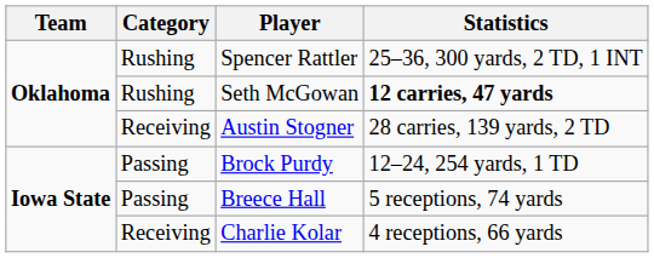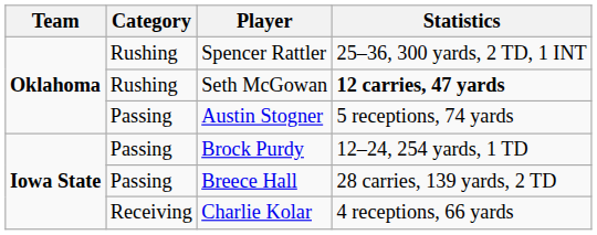 <table class="wikitable" style="float: right;">
 <tr>
 <th>Team</th>
 <th>Category</th>
 <th>Player</th>
 <th>Statistics</th>
 </tr>
 <tr>
 <td rowspan=3><strong>Oklahoma</strong></td>
 <td>Rushing</td>
 <td>Spencer Rattler</td>
 <td>25–36, 300 yards, 2 TD, 1 INT</td>
 </tr>
 <tr>
 <td>Rushing</td>
 <td>Seth McGowan</td>
 <td><strong>12 carries, 47 yards</strong></td>
 </tr>
 <tr>
-<td>Receiving</td>
+<td>Passing</td>
 <td><a href='#'>Austin Stogner</a></td>
-<td>28 carries, 139 yards, 2 TD</td>
+<td>5 receptions, 74 yards</td>
 </tr>
 <tr>
 <td rowspan=3><strong>Iowa State</strong></td>
 <td>Passing</td>
 <td><a href='#'>Brock Purdy</a></td>
 <td>12–24, 254 yards, 1 TD</td>
 </tr>
 <tr>
 <td>Passing</td>
 <td><a href='#'>Breece Hall</a></td>
-<td>5 receptions, 74 yards</td>
+<td>28 carries, 139 yards, 2 TD</td>
 </tr>
 <tr>
 <td>Receiving</td>
 <td><a href='#'>Charlie Kolar</a></td>
 <td>4 receptions, 66 yards</td>
 </tr>
 </table>
